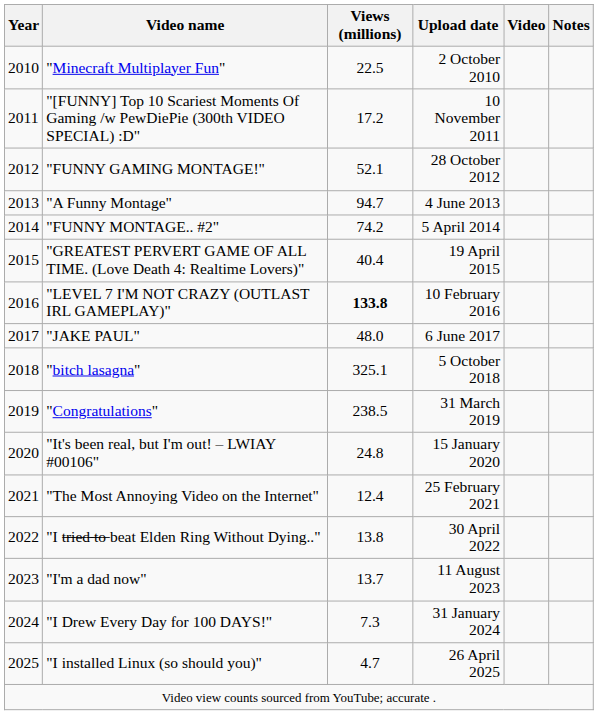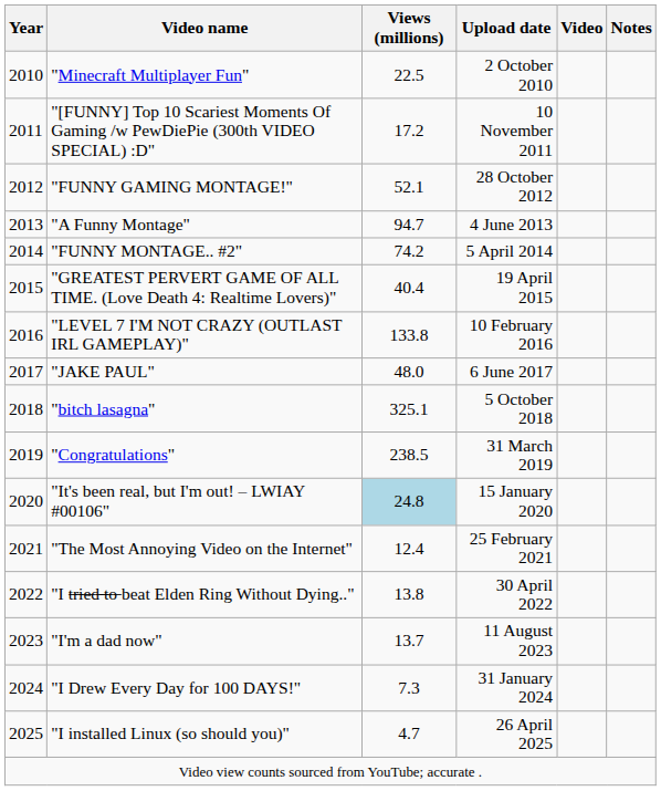 <table class="wikitable sortable">
 <tr>
 <th align="center">Year</th>
 <th>Video name</th>
 <th>Views (millions)</th>
 <th align="center" data-sort-type="date">Upload date</th>
 <th class="unsortable">Video</th>
 <th class="unsortable">Notes</th>
 </tr>
 <tr>
 <td>2010</td>
 <td>"<a href='#'>Minecraft Multiplayer Fun</a>"</td>
 <td align="center">22.5</td>
 <td align="right">2 October 2010</td>
 <td align="center"></td>
 <td align="center"></td>
 </tr>
 <tr>
 <td>2011</td>
 <td>"[FUNNY] Top 10 Scariest Moments Of Gaming /w PewDiePie (300th VIDEO SPECIAL) :D"</td>
 <td align="center">17.2</td>
 <td align="right">10 November 2011</td>
 <td align="center"></td>
 <td align="center"></td>
 </tr>
 <tr>
 <td>2012</td>
 <td>"FUNNY GAMING MONTAGE!"</td>
 <td align="center">52.1</td>
 <td align="right">28 October 2012</td>
 <td align="center"></td>
 <td align="center"></td>
 </tr>
 <tr>
 <td>2013</td>
 <td>"A Funny Montage"</td>
 <td align="center">94.7</td>
 <td align="right">4 June 2013</td>
 <td align="center"></td>
 <td align="center"></td>
 </tr>
 <tr>
 <td>2014</td>
 <td>"FUNNY MONTAGE.. #2"</td>
 <td align="center">74.2</td>
 <td align="right">5 April 2014</td>
 <td align="center"></td>
 <td align="center"></td>
 </tr>
 <tr>
 <td>2015</td>
 <td>"GREATEST PERVERT GAME OF ALL TIME. (Love Death 4: Realtime Lovers)"</td>
 <td align="center">40.4</td>
 <td align="right">19 April 2015</td>
 <td align="center"></td>
 <td align="center"></td>
 </tr>
 <tr>
 <td>2016</td>
 <td>"LEVEL 7  I'M NOT CRAZY (OUTLAST IRL GAMEPLAY)"</td>
-<td align="center"><strong>133.8</strong></td>
+<td align="center">133.8</td>
 <td align="right">10 February 2016</td>
 <td align="center"></td>
 <td align="center"></td>
 </tr>
 <tr>
 <td>2017</td>
 <td>"JAKE PAUL"</td>
 <td align="center">48.0</td>
 <td align="right">6 June 2017</td>
 <td align="center"></td>
 <td align="center"></td>
 </tr>
 <tr>
 <td>2018</td>
 <td>"<a href='#'>bitch lasagna</a>"</td>
 <td align="center">325.1</td>
 <td align="right">5 October 2018</td>
 <td align="center"></td>
 <td align="center"></td>
 </tr>
 <tr>
 <td>2019</td>
 <td>"<a href='#'>Congratulations</a>"</td>
 <td align="center">238.5</td>
 <td align="right">31 March 2019</td>
 <td align="center"></td>
 <td align="center"></td>
 </tr>
 <tr>
 <td>2020</td>
 <td>"It's been real, but I'm out! – LWIAY #00106"</td>
-<td align="center">24.8</td>
+<td align="center" style="background: lightblue;">24.8</td>
 <td align="right">15 January 2020</td>
 <td align="center"></td>
 <td align="center"></td>
 </tr>
 <tr>
 <td>2021</td>
 <td>"The Most Annoying Video on the Internet"</td>
 <td align="center">12.4</td>
 <td align="right">25 February 2021</td>
 <td align="center"></td>
 <td align="center"></td>
 </tr>
 <tr>
 <td>2022</td>
 <td>"I t̶r̶i̶e̶d̶ ̶t̶o̶ beat Elden Ring Without Dying.."</td>
 <td align="center">13.8</td>
 <td align="right">30 April 2022</td>
 <td align="center"></td>
 <td align="center"></td>
 </tr>
 <tr>
 <td>2023</td>
 <td>"I'm a dad now"</td>
 <td align="center">13.7</td>
 <td align="right">11 August 2023</td>
 <td align="center"></td>
 <td align="center"></td>
 </tr>
 <tr>
 <td>2024</td>
 <td>"I Drew Every Day for 100 DAYS!"</td>
 <td align="center">7.3</td>
 <td align="right">31 January 2024</td>
 <td align="center"></td>
 <td align="center"></td>
 </tr>
 <tr>
 <td>2025</td>
 <td>"I installed Linux (so should you)"</td>
 <td align="center">4.7</td>
 <td align="right">26 April 2025</td>
 <td align="center"></td>
 <td align="center"></td>
 </tr>
 <tr class="sortbottom">
 <td colspan="7" align="center"><small>Video view counts sourced from YouTube; accurate .</small></td>
 </tr>
 </table>
